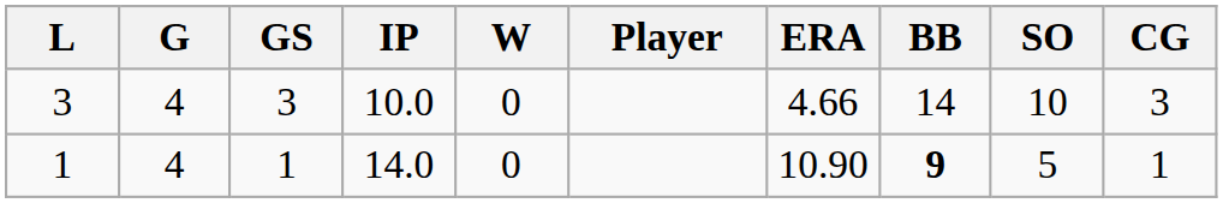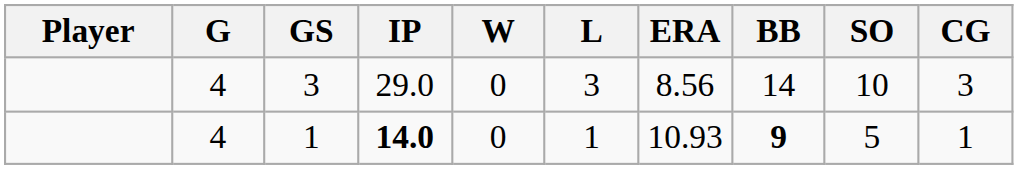 <table class="wikitable sortable">
 <tr>
-<th bgcolor="#DDDDFF" width="9%">L</th>
+<th bgcolor="#DDDDFF" width="16%">Player</th>
 <th bgcolor="#DDDDFF" width="9%">G</th>
 <th bgcolor="#DDDDFF" width="9%">GS</th>
 <th bgcolor="#DDDDFF" width="9%">IP</th>
 <th bgcolor="#DDDDFF" width="9%">W</th>
-<th bgcolor="#DDDDFF" width="16%">Player</th>
+<th bgcolor="#DDDDFF" width="9%">L</th>
 <th bgcolor="#DDDDFF" width="9%">ERA</th>
 <th bgcolor="#DDDDFF" width="9%">BB</th>
 <th bgcolor="#DDDDFF" width="9%">SO</th>
 <th bgcolor="#DDDDFF" width="9%">CG</th>
 </tr>
 <tr align="center">
-<td>3</td>
+<td></td>
 <td>4</td>
 <td>3</td>
-<td>10.0</td>
+<td>29.0</td>
 <td>0</td>
-<td></td>
-<td>4.66</td>
+<td>3</td>
+<td>8.56</td>
 <td>14</td>
 <td>10</td>
 <td>3</td>
 </tr>
 <tr align="center">
-<td>1</td>
+<td></td>
 <td>4</td>
 <td>1</td>
-<td>14.0</td>
+<td><strong>14.0</strong></td>
 <td>0</td>
-<td></td>
-<td>10.90</td>
+<td>1</td>
+<td>10.93</td>
 <td><strong>9</strong></td>
 <td>5</td>
 <td>1</td>
 </tr>
 </table>
